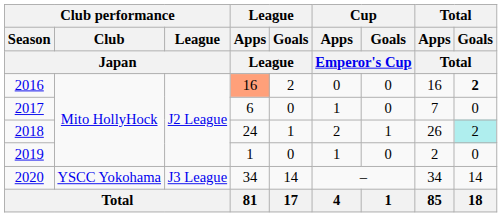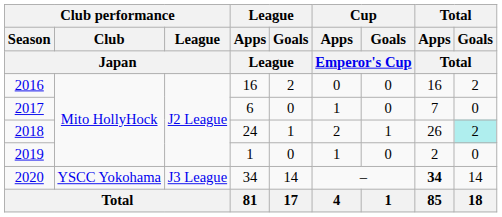 <table class="wikitable" style="text-align:center;">
 <tr>
 <th colspan=3>Club performance</th>
 <th colspan=2>League</th>
 <th colspan=2>Cup</th>
 <th colspan=2>Total</th>
 </tr>
 <tr>
 <th>Season</th>
 <th>Club</th>
 <th>League</th>
 <th>Apps</th>
 <th>Goals</th>
 <th>Apps</th>
 <th>Goals</th>
 <th>Apps</th>
 <th>Goals</th>
 </tr>
 <tr>
 <th colspan=3>Japan</th>
 <th colspan=2>League</th>
 <th colspan=2><a href='#'>Emperor's Cup</a></th>
 <th colspan=2>Total</th>
 </tr>
 <tr>
 <td><a href='#'>2016</a></td>
 <td rowspan="4"><a href='#'>Mito HollyHock</a></td>
 <td rowspan="4"><a href='#'>J2 League</a></td>
-<td style="background: lightsalmon;">16</td>
+<td>16</td>
 <td>2</td>
 <td>0</td>
 <td>0</td>
 <td>16</td>
-<td><strong>2</strong></td>
+<td>2</td>
 </tr>
 <tr>
 <td><a href='#'>2017</a></td>
 <td>6</td>
 <td>0</td>
 <td>1</td>
 <td>0</td>
 <td>7</td>
 <td>0</td>
 </tr>
 <tr>
 <td><a href='#'>2018</a></td>
 <td>24</td>
 <td>1</td>
 <td>2</td>
 <td>1</td>
 <td>26</td>
 <td style="background: paleturquoise;">2</td>
 </tr>
 <tr>
 <td><a href='#'>2019</a></td>
 <td>1</td>
 <td>0</td>
 <td>1</td>
 <td>0</td>
 <td>2</td>
 <td>0</td>
 </tr>
 <tr>
 <td><a href='#'>2020</a></td>
 <td><a href='#'>YSCC Yokohama</a></td>
 <td rowspan="1"><a href='#'>J3 League</a></td>
 <td>34</td>
 <td>14</td>
 <td colspan="2">–</td>
-<td>34</td>
+<td><strong>34</strong></td>
 <td>14</td>
 </tr>
 <tr>
 <th colspan=3>Total</th>
 <th>81</th>
 <th>17</th>
 <th>4</th>
 <th>1</th>
 <th>85</th>
 <th>18</th>
 </tr>
 </table>
